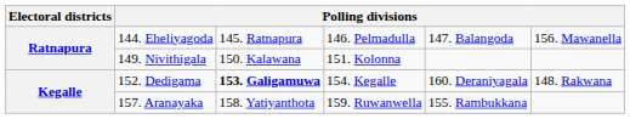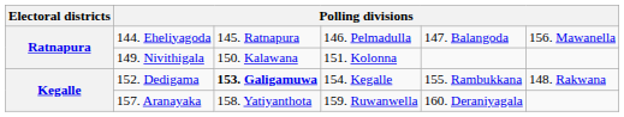 <table class="wikitable" style="font-size:100; text-align:left">
 <tr>
 <th rowspan="1">Electoral districts</th>
 <th colspan="5">Polling divisions</th>
 </tr>
 <tr>
 <th rowspan="2"><a href='#'>Ratnapura</a></th>
 <td>144. <a href='#'>Eheliyagoda</a></td>
 <td>145. <a href='#'>Ratnapura</a></td>
 <td>146. <a href='#'>Pelmadulla</a></td>
 <td>147. <a href='#'>Balangoda</a></td>
 <td>156. <a href='#'>Mawanella</a></td>
 </tr>
 <tr>
 <td>149. <a href='#'>Nivithigala</a></td>
 <td>150. <a href='#'>Kalawana</a></td>
 <td>151. <a href='#'>Kolonna</a></td>
 <td></td>
 <td></td>
 </tr>
 <tr>
 <th rowspan="2"><a href='#'>Kegalle</a></th>
 <td>152. <a href='#'>Dedigama</a></td>
 <td><strong>153. <a href='#'>Galigamuwa</a></strong></td>
 <td>154. <a href='#'>Kegalle</a></td>
-<td>160. <a href='#'>Deraniyagala</a></td>
+<td>155. <a href='#'>Rambukkana</a></td>
 <td>148. <a href='#'>Rakwana</a></td>
 </tr>
 <tr>
 <td>157. <a href='#'>Aranayaka</a></td>
 <td>158. <a href='#'>Yatiyanthota</a></td>
 <td>159. <a href='#'>Ruwanwella</a></td>
-<td>155. <a href='#'>Rambukkana</a></td>
+<td>160. <a href='#'>Deraniyagala</a></td>
 <td></td>
 </tr>
 </table>
